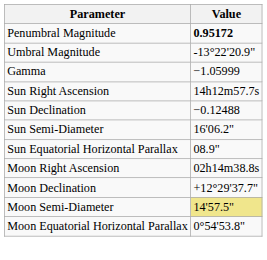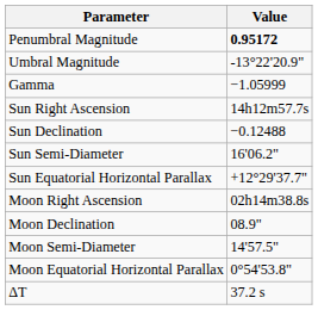 <table class="wikitable">
 <tr>
 <th>Parameter</th>
 <th>Value</th>
 </tr>
 <tr>
 <td>Penumbral Magnitude</td>
 <td><strong>0.95172</strong></td>
 </tr>
 <tr>
 <td>Umbral Magnitude</td>
 <td>-13°22'20.9"</td>
 </tr>
 <tr>
 <td>Gamma</td>
 <td>−1.05999</td>
 </tr>
 <tr>
 <td>Sun Right Ascension</td>
 <td>14h12m57.7s</td>
 </tr>
 <tr>
 <td>Sun Declination</td>
 <td>−0.12488</td>
 </tr>
 <tr>
 <td>Sun Semi-Diameter</td>
 <td>16'06.2"</td>
 </tr>
 <tr>
 <td>Sun Equatorial Horizontal Parallax</td>
-<td>08.9"</td>
+<td>+12°29'37.7"</td>
 </tr>
 <tr>
 <td>Moon Right Ascension</td>
 <td>02h14m38.8s</td>
 </tr>
 <tr>
 <td>Moon Declination</td>
-<td>+12°29'37.7"</td>
+<td>08.9"</td>
 </tr>
 <tr>
 <td>Moon Semi-Diameter</td>
-<td style="background: khaki;">14'57.5"</td>
+<td>14'57.5"</td>
 </tr>
 <tr>
 <td>Moon Equatorial Horizontal Parallax</td>
 <td>0°54'53.8"</td>
 </tr>
+<tr>
+<td>ΔT</td>
+<td>37.2 s</td>
+</tr>
 </table>
